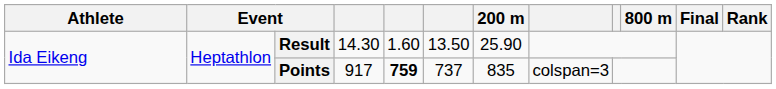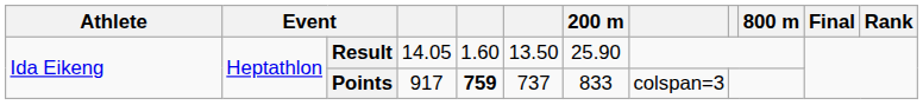 <table class="wikitable" style="font-size:90%; text-align:center">
 <tr>
 <th width="150">Athlete</th>
 <th width="50" colspan=2>Event</th>
 <th></th>
 <th></th>
 <th></th>
 <th>200 m</th>
 <th></th>
 <th></th>
 <th>800 m</th>
 <th>Final</th>
 <th>Rank</th>
 </tr>
 <tr>
 <td align="left" rowspan="2"><a href='#'>Ida Eikeng</a></td>
 <td align="left" rowspan="2"><a href='#'>Heptathlon</a></td>
 <th>Result</th>
-<td>14.30</td>
+<td>14.05</td>
 <td>1.60</td>
 <td>13.50</td>
 <td>25.90</td>
 <td colspan=3></td>
 <td rowspan="2" colspan=2></td>
 </tr>
 <tr>
 <th>Points</th>
 <td>917</td>
 <td><strong>759</strong></td>
 <td>737</td>
-<td>835</td>
+<td>833</td>
 <td>colspan=3 </td>
 </tr>
 </table>
